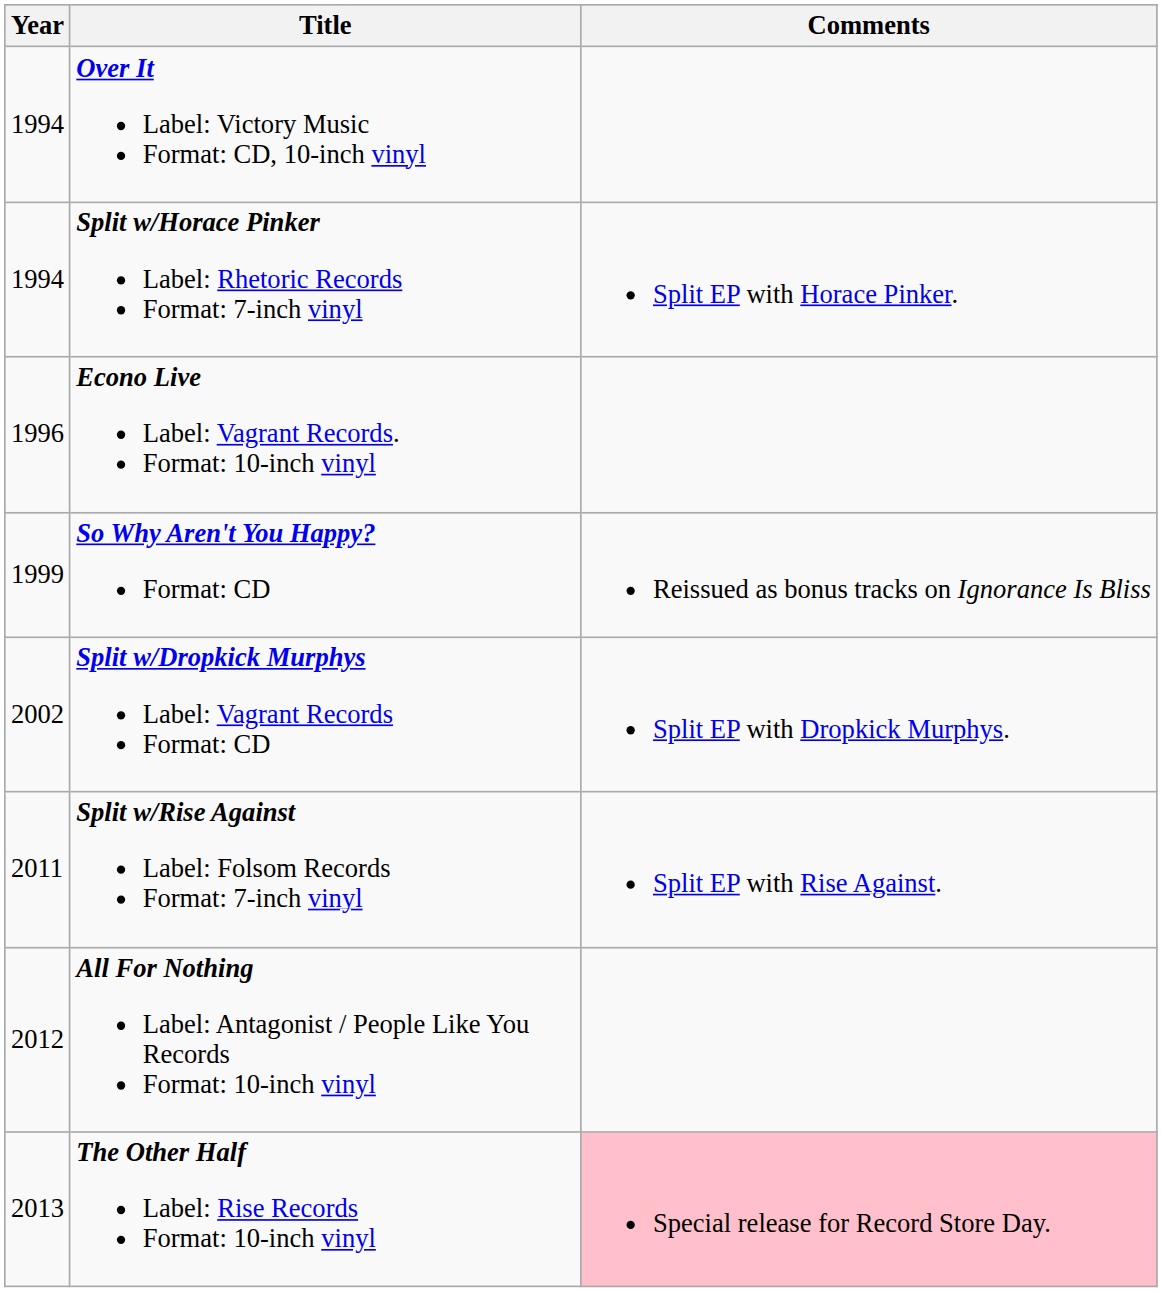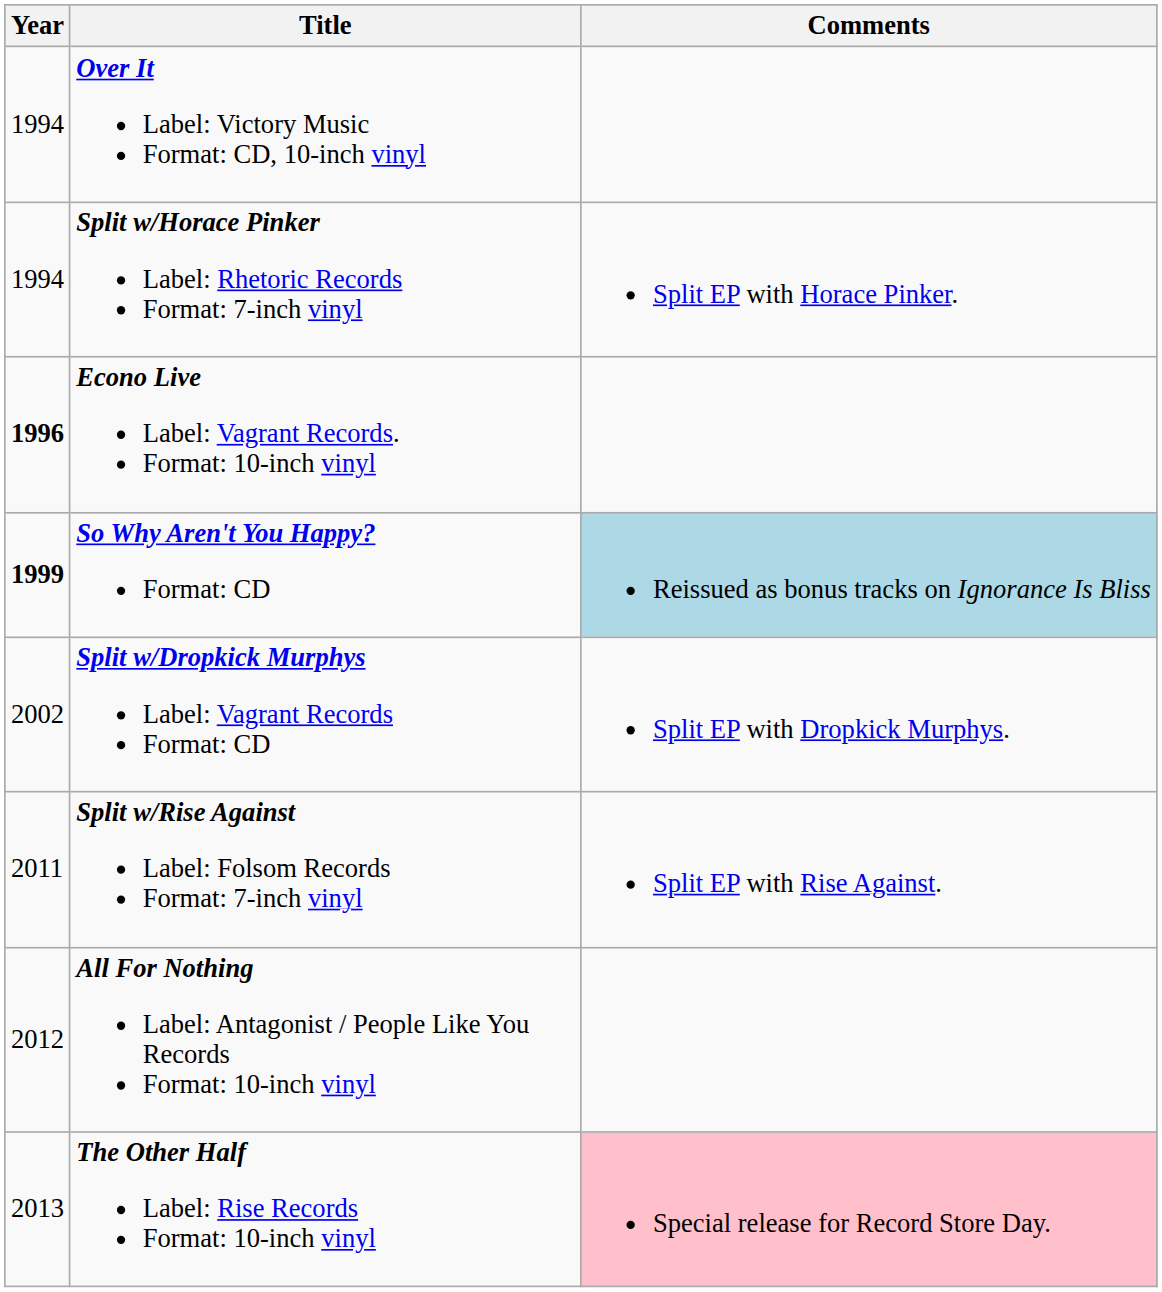 <table class="wikitable" style="text-align:left;">
 <tr>
 <th>Year</th>
 <th width="300">Title</th>
 <th>Comments</th>
 </tr>
 <tr>
 <td>1994</td>
 <td><strong><em><a href='#'>Over It</a></em></strong><br><ul><li>Label: Victory Music</li><li>Format: CD, 10-inch <a href='#'>vinyl</a></li></ul></td>
 <td></td>
 </tr>
 <tr>
 <td>1994</td>
 <td><strong><em>Split w/Horace Pinker</em></strong><br><ul><li>Label: <a href='#'>Rhetoric Records</a></li><li>Format: 7-inch <a href='#'>vinyl</a></li></ul></td>
 <td><br><ul><li><a href='#'>Split EP</a> with <a href='#'>Horace Pinker</a>.</li></ul></td>
 </tr>
 <tr>
-<td>1996</td>
+<td><strong>1996</strong></td>
 <td><strong><em>Econo Live</em></strong><br><ul><li>Label: <a href='#'>Vagrant Records</a>.</li><li>Format: 10-inch <a href='#'>vinyl</a></li></ul></td>
 <td></td>
 </tr>
 <tr>
-<td>1999</td>
+<td><strong>1999</strong></td>
 <td><strong><em><a href='#'>So Why Aren't You Happy?</a></em></strong><br><ul><li>Format: CD</li></ul></td>
-<td><br><ul><li>Reissued as bonus tracks on <em>Ignorance Is Bliss</em></li></ul></td>
+<td style="background: lightblue;"><br><ul><li>Reissued as bonus tracks on <em>Ignorance Is Bliss</em></li></ul></td>
 </tr>
 <tr>
 <td>2002</td>
 <td><strong><em><a href='#'>Split w/Dropkick Murphys</a></em></strong><br><ul><li>Label: <a href='#'>Vagrant Records</a></li><li>Format: CD</li></ul></td>
 <td><br><ul><li><a href='#'>Split EP</a> with <a href='#'>Dropkick Murphys</a>.</li></ul></td>
 </tr>
 <tr>
 <td>2011</td>
 <td><strong><em>Split w/Rise Against</em></strong><br><ul><li>Label: Folsom Records</li><li>Format: 7-inch <a href='#'>vinyl</a></li></ul></td>
 <td><br><ul><li><a href='#'>Split EP</a> with <a href='#'>Rise Against</a>.</li></ul></td>
 </tr>
 <tr>
 <td>2012</td>
 <td><strong><em>All For Nothing</em></strong><br><ul><li>Label: Antagonist / People Like You Records</li><li>Format: 10-inch <a href='#'>vinyl</a></li></ul></td>
 </tr>
 <tr>
 <td>2013</td>
 <td><strong><em>The Other Half</em></strong><br><ul><li>Label: <a href='#'>Rise Records</a></li><li>Format: 10-inch <a href='#'>vinyl</a></li></ul></td>
 <td style="background: pink;"><br><ul><li>Special release for Record Store Day.</li></ul></td>
 </tr>
 </table>
